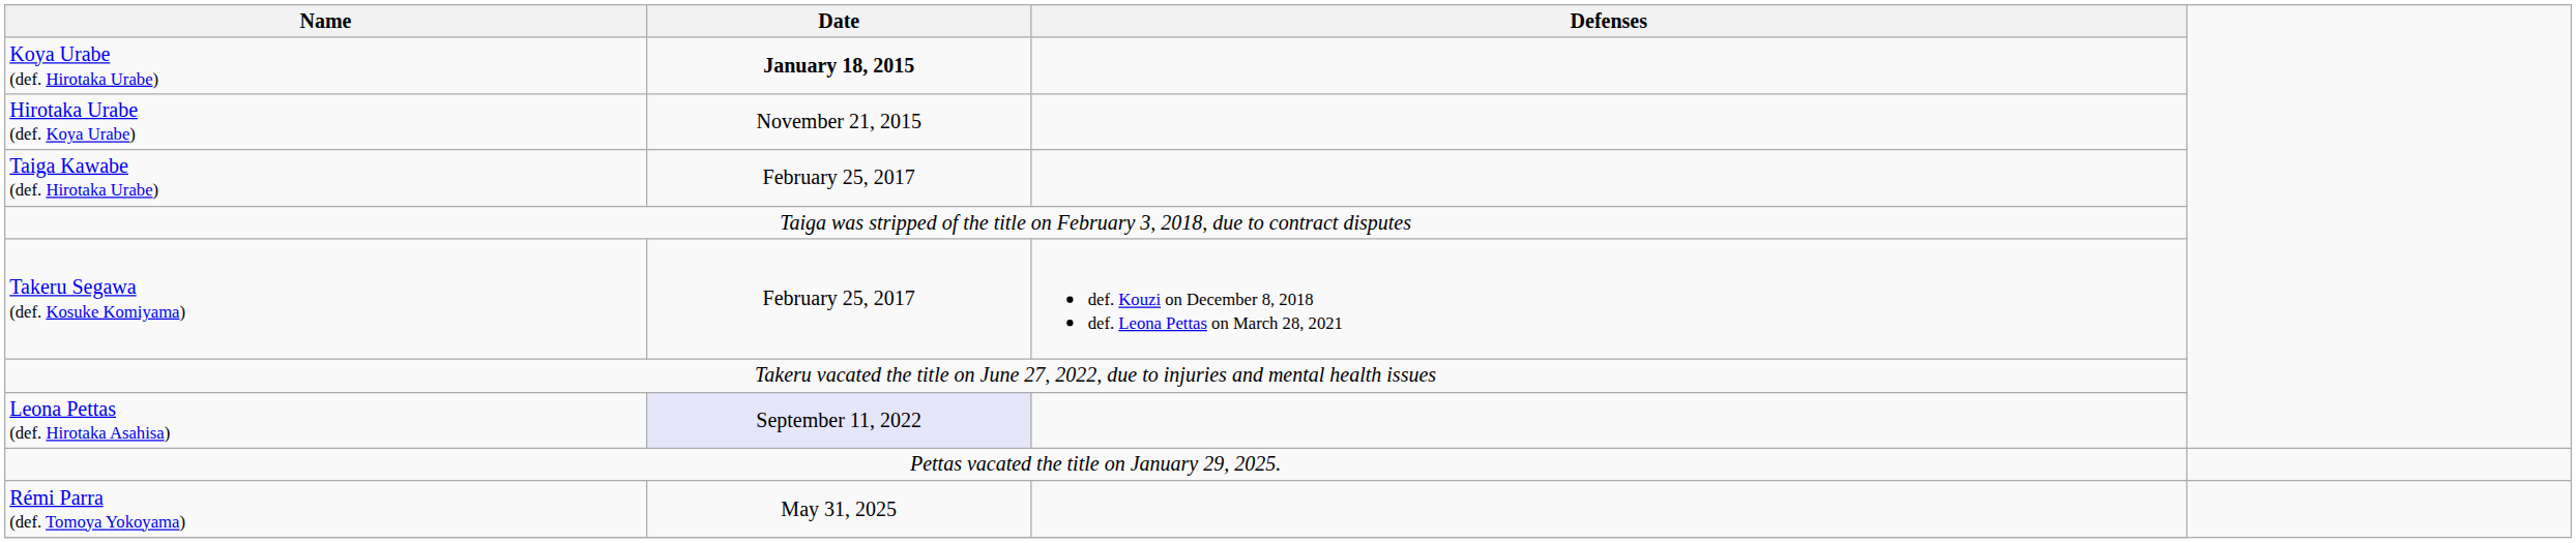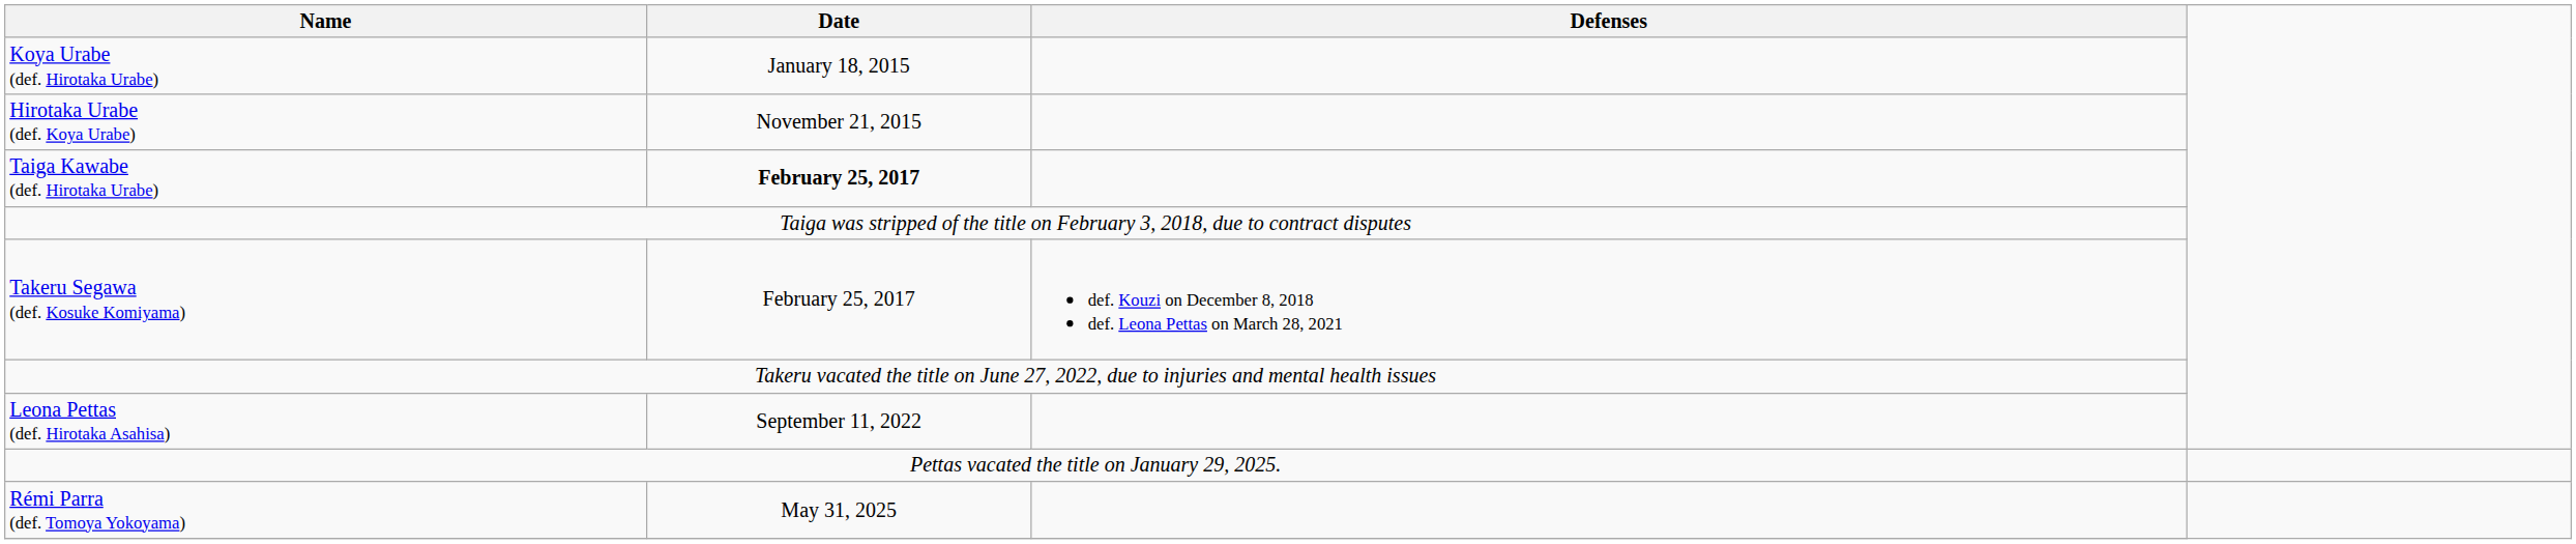 <table class="wikitable" width=100%>
 <tr>
 <th width=25%>Name</th>
 <th width=15%>Date</th>
 <th width=45%>Defenses</th>
 </tr>
 <tr>
 <td align=left> <a href='#'>Koya Urabe</a> <br><small>(def. <a href='#'>Hirotaka Urabe</a>)</small></td>
-<td align=center><strong>January 18, 2015</strong></td>
+<td align=center>January 18, 2015</td>
 <td></td>
 </tr>
 <tr>
 <td align=left> <a href='#'>Hirotaka Urabe</a> <br><small>(def. <a href='#'>Koya Urabe</a>)</small></td>
 <td align=center>November 21, 2015</td>
 <td></td>
 </tr>
 <tr>
 <td align=left> <a href='#'>Taiga Kawabe</a> <br><small>(def. <a href='#'>Hirotaka Urabe</a>)</small></td>
-<td align=center>February 25, 2017</td>
+<td align=center><strong>February 25, 2017</strong></td>
 <td></td>
 </tr>
 <tr>
 <td colspan=3 align=center><em>Taiga was stripped of the title on February 3, 2018, due to contract disputes</em></td>
 </tr>
 <tr>
 <td align=left> <a href='#'>Takeru Segawa</a> <br><small>(def. <a href='#'>Kosuke Komiyama</a>)</small></td>
 <td align=center>February 25, 2017</td>
 <td><br><ul><li><small>def. <a href='#'>Kouzi</a> on December 8, 2018</small></li><li><small>def. <a href='#'>Leona Pettas</a> on March 28, 2021</small></li></ul></td>
 </tr>
 <tr>
 <td colspan=3 align=center><em>Takeru vacated the title on June 27, 2022, due to injuries and mental health issues</em></td>
 </tr>
 <tr>
 <td align=left> <a href='#'>Leona Pettas</a> <br><small>(def. <a href='#'>Hirotaka Asahisa</a>)</small></td>
-<td align=center style="background: lavender;">September 11, 2022</td>
+<td align=center>September 11, 2022</td>
 <td></td>
 </tr>
 <tr>
 <td colspan=3 align=center><em>Pettas vacated the title on January 29, 2025.</em></td>
 <td></td>
 </tr>
 <tr>
 <td align=left> <a href='#'>Rémi Parra</a> <br><small>(def. <a href='#'>Tomoya Yokoyama</a>)</small></td>
 <td align=center>May 31, 2025</td>
 <td></td>
 </tr>
 <tr>
 </tr>
 </table>
